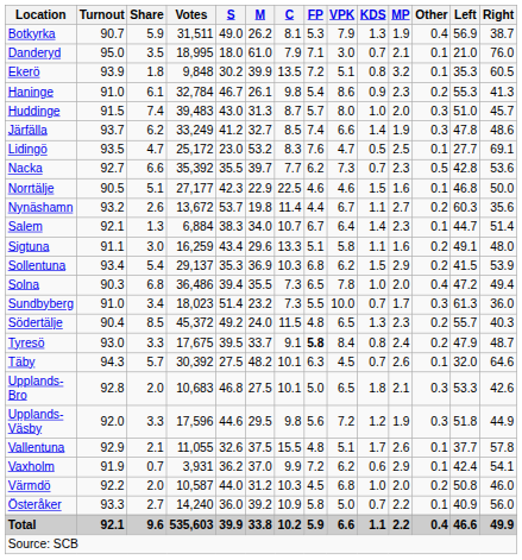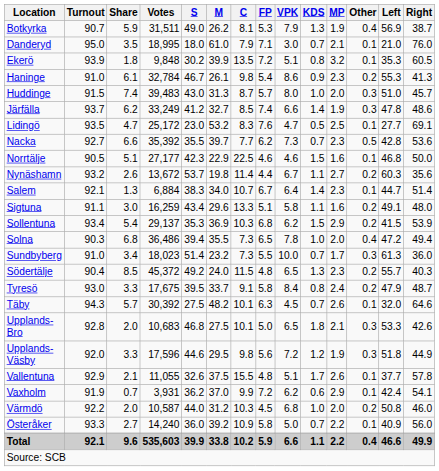 <table class="wikitable sortable" style=text-align:right>
 <tr>
 <th>Location</th>
 <th>Turnout</th>
 <th>Share</th>
 <th>Votes</th>
 <th><a href='#'>S</a></th>
 <th><a href='#'>M</a></th>
 <th><a href='#'>C</a></th>
 <th><a href='#'>FP</a></th>
 <th><a href='#'>VPK</a></th>
 <th><a href='#'>KDS</a></th>
 <th><a href='#'>MP</a></th>
 <th>Other</th>
 <th>Left</th>
 <th>Right</th>
 </tr>
 <tr>
 <td align=left><a href='#'>Botkyrka</a></td>
 <td>90.7</td>
 <td>5.9</td>
 <td>31,511</td>
 <td>49.0</td>
 <td>26.2</td>
 <td>8.1</td>
 <td>5.3</td>
 <td>7.9</td>
 <td>1.3</td>
 <td>1.9</td>
 <td>0.4</td>
 <td>56.9</td>
 <td>38.7</td>
 </tr>
 <tr>
 <td align=left><a href='#'>Danderyd</a></td>
 <td>95.0</td>
 <td>3.5</td>
 <td>18,995</td>
 <td>18.0</td>
 <td>61.0</td>
 <td>7.9</td>
 <td>7.1</td>
 <td>3.0</td>
 <td>0.7</td>
 <td>2.1</td>
 <td>0.1</td>
 <td>21.0</td>
 <td>76.0</td>
 </tr>
 <tr>
 <td align=left><a href='#'>Ekerö</a></td>
 <td>93.9</td>
 <td>1.8</td>
 <td>9,848</td>
 <td>30.2</td>
 <td>39.9</td>
 <td>13.5</td>
 <td>7.2</td>
 <td>5.1</td>
 <td>0.8</td>
 <td>3.2</td>
 <td>0.1</td>
 <td>35.3</td>
 <td>60.5</td>
 </tr>
 <tr>
 <td align=left><a href='#'>Haninge</a></td>
 <td>91.0</td>
 <td>6.1</td>
 <td>32,784</td>
 <td>46.7</td>
 <td>26.1</td>
 <td>9.8</td>
 <td>5.4</td>
 <td>8.6</td>
 <td>0.9</td>
 <td>2.3</td>
 <td>0.2</td>
 <td>55.3</td>
 <td>41.3</td>
 </tr>
 <tr>
 <td align=left><a href='#'>Huddinge</a></td>
 <td>91.5</td>
 <td>7.4</td>
 <td>39,483</td>
 <td>43.0</td>
 <td>31.3</td>
 <td>8.7</td>
 <td>5.7</td>
 <td>8.0</td>
 <td>1.0</td>
 <td>2.0</td>
 <td>0.3</td>
 <td>51.0</td>
 <td>45.7</td>
 </tr>
 <tr>
 <td align=left><a href='#'>Järfälla</a></td>
 <td>93.7</td>
 <td>6.2</td>
 <td>33,249</td>
 <td>41.2</td>
 <td>32.7</td>
 <td>8.5</td>
 <td>7.4</td>
 <td>6.6</td>
 <td>1.4</td>
 <td>1.9</td>
 <td>0.3</td>
 <td>47.8</td>
 <td>48.6</td>
 </tr>
 <tr>
 <td align=left><a href='#'>Lidingö</a></td>
 <td>93.5</td>
 <td>4.7</td>
 <td>25,172</td>
 <td>23.0</td>
 <td>53.2</td>
 <td>8.3</td>
 <td>7.6</td>
 <td>4.7</td>
 <td>0.5</td>
 <td>2.5</td>
 <td>0.1</td>
 <td>27.7</td>
 <td>69.1</td>
 </tr>
 <tr>
 <td align=left><a href='#'>Nacka</a></td>
 <td>92.7</td>
 <td>6.6</td>
 <td>35,392</td>
 <td>35.5</td>
 <td>39.7</td>
 <td>7.7</td>
 <td>6.2</td>
 <td>7.3</td>
 <td>0.7</td>
 <td>2.3</td>
 <td>0.5</td>
 <td>42.8</td>
 <td>53.6</td>
 </tr>
 <tr>
 <td align=left><a href='#'>Norrtälje</a></td>
 <td>90.5</td>
 <td>5.1</td>
 <td>27,177</td>
 <td>42.3</td>
 <td>22.9</td>
 <td>22.5</td>
 <td>4.6</td>
 <td>4.6</td>
 <td>1.5</td>
 <td>1.6</td>
 <td>0.1</td>
 <td>46.8</td>
 <td>50.0</td>
 </tr>
 <tr>
 <td align=left><a href='#'>Nynäshamn</a></td>
 <td>93.2</td>
 <td>2.6</td>
 <td>13,672</td>
 <td>53.7</td>
 <td>19.8</td>
 <td>11.4</td>
 <td>4.4</td>
 <td>6.7</td>
 <td>1.1</td>
 <td>2.7</td>
 <td>0.2</td>
 <td>60.3</td>
 <td>35.6</td>
 </tr>
 <tr>
 <td align=left><a href='#'>Salem</a></td>
 <td>92.1</td>
 <td>1.3</td>
 <td>6,884</td>
 <td>38.3</td>
 <td>34.0</td>
 <td>10.7</td>
 <td>6.7</td>
 <td>6.4</td>
 <td>1.4</td>
 <td>2.3</td>
 <td>0.1</td>
 <td>44.7</td>
 <td>51.4</td>
 </tr>
 <tr>
 <td align=left><a href='#'>Sigtuna</a></td>
 <td>91.1</td>
 <td>3.0</td>
 <td>16,259</td>
 <td>43.4</td>
 <td>29.6</td>
 <td>13.3</td>
 <td>5.1</td>
 <td>5.8</td>
 <td>1.1</td>
 <td>1.6</td>
 <td>0.2</td>
 <td>49.1</td>
 <td>48.0</td>
 </tr>
 <tr>
 <td align=left><a href='#'>Sollentuna</a></td>
 <td>93.4</td>
 <td>5.4</td>
 <td>29,137</td>
 <td>35.3</td>
 <td>36.9</td>
 <td>10.3</td>
 <td>6.8</td>
 <td>6.2</td>
 <td>1.5</td>
 <td>2.9</td>
 <td>0.2</td>
 <td>41.5</td>
 <td>53.9</td>
 </tr>
 <tr>
 <td align=left><a href='#'>Solna</a></td>
 <td>90.3</td>
 <td>6.8</td>
 <td>36,486</td>
 <td>39.4</td>
 <td>35.5</td>
 <td>7.3</td>
 <td>6.5</td>
 <td>7.8</td>
 <td>1.0</td>
 <td>2.0</td>
 <td>0.4</td>
 <td>47.2</td>
 <td>49.4</td>
 </tr>
 <tr>
 <td align=left><a href='#'>Sundbyberg</a></td>
 <td>91.0</td>
 <td>3.4</td>
 <td>18,023</td>
 <td>51.4</td>
 <td>23.2</td>
 <td>7.3</td>
 <td>5.5</td>
 <td>10.0</td>
 <td>0.7</td>
 <td>1.7</td>
 <td>0.3</td>
 <td>61.3</td>
 <td>36.0</td>
 </tr>
 <tr>
 <td align=left><a href='#'>Södertälje</a></td>
 <td>90.4</td>
 <td>8.5</td>
 <td>45,372</td>
 <td>49.2</td>
 <td>24.0</td>
 <td>11.5</td>
 <td>4.8</td>
 <td>6.5</td>
 <td>1.3</td>
 <td>2.3</td>
 <td>0.2</td>
 <td>55.7</td>
 <td>40.3</td>
 </tr>
 <tr>
 <td align=left><a href='#'>Tyresö</a></td>
 <td>93.0</td>
 <td>3.3</td>
 <td>17,675</td>
 <td>39.5</td>
 <td>33.7</td>
 <td>9.1</td>
-<td><strong>5.8</strong></td>
+<td>5.8</td>
 <td>8.4</td>
 <td>0.8</td>
 <td>2.4</td>
 <td>0.2</td>
 <td>47.9</td>
 <td>48.7</td>
 </tr>
 <tr>
 <td align=left><a href='#'>Täby</a></td>
 <td>94.3</td>
 <td>5.7</td>
 <td>30,392</td>
 <td>27.5</td>
 <td>48.2</td>
 <td>10.1</td>
 <td>6.3</td>
 <td>4.5</td>
 <td>0.7</td>
 <td>2.6</td>
 <td>0.1</td>
 <td>32.0</td>
 <td>64.6</td>
 </tr>
 <tr>
 <td align=left><a href='#'>Upplands-Bro</a></td>
 <td>92.8</td>
 <td>2.0</td>
 <td>10,683</td>
 <td>46.8</td>
 <td>27.5</td>
 <td>10.1</td>
 <td>5.0</td>
 <td>6.5</td>
 <td>1.8</td>
 <td>2.1</td>
 <td>0.3</td>
 <td>53.3</td>
 <td>42.6</td>
 </tr>
 <tr>
 <td align=left><a href='#'>Upplands-Väsby</a></td>
 <td>92.0</td>
 <td>3.3</td>
 <td>17,596</td>
 <td>44.6</td>
 <td>29.5</td>
 <td>9.8</td>
 <td>5.6</td>
 <td>7.2</td>
 <td>1.2</td>
 <td>1.9</td>
 <td>0.3</td>
 <td>51.8</td>
 <td>44.9</td>
 </tr>
 <tr>
 <td align=left><a href='#'>Vallentuna</a></td>
 <td>92.9</td>
 <td>2.1</td>
 <td>11,055</td>
 <td>32.6</td>
 <td>37.5</td>
 <td>15.5</td>
 <td>4.8</td>
 <td>5.1</td>
 <td>1.7</td>
 <td>2.6</td>
 <td>0.1</td>
 <td>37.7</td>
 <td>57.8</td>
 </tr>
 <tr>
 <td align=left><a href='#'>Vaxholm</a></td>
 <td>91.9</td>
 <td>0.7</td>
 <td>3,931</td>
 <td>36.2</td>
 <td>37.0</td>
 <td>9.9</td>
 <td>7.2</td>
 <td>6.2</td>
 <td>0.6</td>
 <td>2.9</td>
 <td>0.1</td>
 <td>42.4</td>
 <td>54.1</td>
 </tr>
 <tr>
 <td align=left><a href='#'>Värmdö</a></td>
 <td>92.2</td>
 <td>2.0</td>
 <td>10,587</td>
 <td>44.0</td>
 <td>31.2</td>
 <td>10.3</td>
 <td>4.5</td>
 <td>6.8</td>
 <td>1.0</td>
 <td>2.0</td>
 <td>0.2</td>
 <td>50.8</td>
 <td>46.0</td>
 </tr>
 <tr>
 <td align=left><a href='#'>Österåker</a></td>
 <td>93.3</td>
 <td>2.7</td>
 <td>14,240</td>
 <td>36.0</td>
 <td>39.2</td>
 <td>10.9</td>
 <td>5.8</td>
 <td>5.0</td>
 <td>0.7</td>
 <td>2.2</td>
 <td>0.1</td>
 <td>40.9</td>
 <td>56.0</td>
 </tr>
 <tr>
 </tr>
 <tr style="background:#CDCDCD;">
 <td align=left><strong>Total</strong></td>
 <td><strong>92.1</strong></td>
 <td><strong>9.6</strong></td>
 <td><strong>535,603</strong></td>
 <td><strong>39.9</strong></td>
 <td><strong>33.8</strong></td>
 <td><strong>10.2</strong></td>
 <td><strong>5.9</strong></td>
 <td><strong>6.6</strong></td>
 <td><strong>1.1</strong></td>
 <td><strong>2.2</strong></td>
 <td><strong>0.4</strong></td>
 <td><strong>46.6</strong></td>
 <td><strong>49.9</strong></td>
 </tr>
 <tr>
 <td align=left colspan=14>Source: SCB </td>
 </tr>
 </table>
